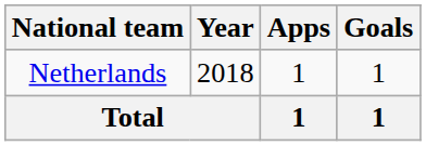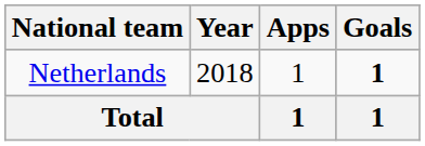 <table class="wikitable" style="text-align:center">
 <tr>
 <th>National team</th>
 <th>Year</th>
 <th>Apps</th>
 <th>Goals</th>
 </tr>
 <tr>
 <td rowspan="1"><a href='#'>Netherlands</a></td>
 <td>2018</td>
 <td>1</td>
-<td>1</td>
+<td><strong>1</strong></td>
 </tr>
 <tr>
 <th colspan="2">Total</th>
 <th>1</th>
 <th>1</th>
 </tr>
 </table>
